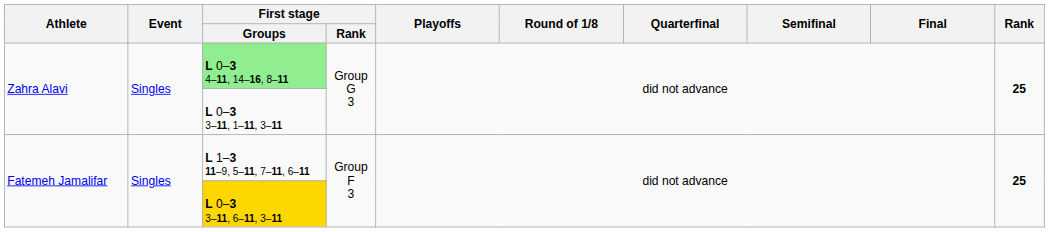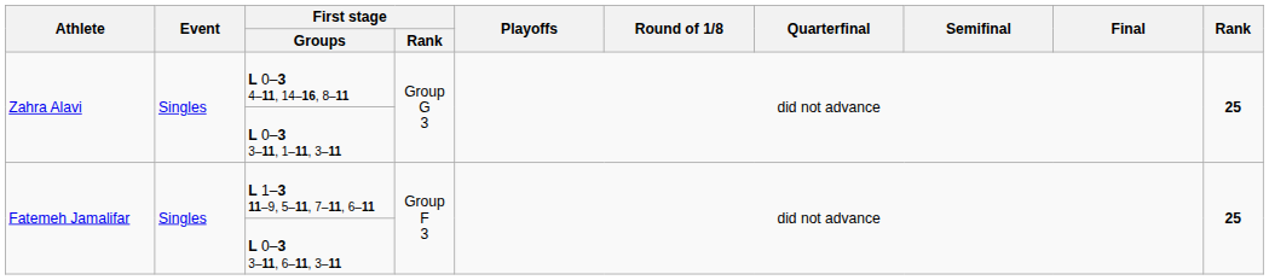 <table class="wikitable" width="98%" style="text-align:left; font-size:90%">
 <tr>
 <th rowspan="2" width="10%">Athlete</th>
 <th rowspan="2" width="6%">Event</th>
 <th colspan="2">First stage</th>
 <th rowspan="2" width="10%">Playoffs</th>
 <th rowspan="2" width="10%">Round of 1/8</th>
 <th rowspan="2" width="10%">Quarterfinal</th>
 <th rowspan="2" width="10%">Semifinal</th>
 <th rowspan="2" width="10%">Final</th>
 <th rowspan="2" width="4%">Rank</th>
 </tr>
 <tr>
 <th width="10%">Groups</th>
 <th width="4%">Rank</th>
 </tr>
 <tr>
 <td rowspan="2"><a href='#'>Zahra Alavi</a></td>
 <td rowspan="2"><a href='#'>Singles</a></td>
-<td style="background: lightgreen;"><br><strong>L</strong> 0–<strong>3</strong><br><small>4–<strong>11</strong>, 14–<strong>16</strong>, 8–<strong>11</strong></small></td>
+<td><br><strong>L</strong> 0–<strong>3</strong><br><small>4–<strong>11</strong>, 14–<strong>16</strong>, 8–<strong>11</strong></small></td>
 <td rowspan="2" align=center>Group G<br>3</td>
 <td rowspan="2" colspan="5" align="center">did not advance</td>
 <td rowspan="2" align="center"><strong>25</strong></td>
 </tr>
 <tr>
 <td><br><strong>L</strong> 0–<strong>3</strong><br><small>3–<strong>11</strong>, 1–<strong>11</strong>, 3–<strong>11</strong></small></td>
 </tr>
 <tr>
 <td rowspan="2"><a href='#'>Fatemeh Jamalifar</a></td>
 <td rowspan="2"><a href='#'>Singles</a></td>
 <td><br><strong>L</strong> 1–<strong>3</strong><br><small><strong>11</strong>–9, 5–<strong>11</strong>, 7–<strong>11</strong>, 6–<strong>11</strong></small></td>
 <td rowspan="2" align=center>Group F<br>3</td>
 <td rowspan="2" colspan="5" align="center">did not advance</td>
 <td rowspan="2" align="center"><strong>25</strong></td>
 </tr>
 <tr>
-<td style="background: gold;"><br><strong>L</strong> 0–<strong>3</strong><br><small>3–<strong>11</strong>, 6–<strong>11</strong>, 3–<strong>11</strong></small></td>
+<td><br><strong>L</strong> 0–<strong>3</strong><br><small>3–<strong>11</strong>, 6–<strong>11</strong>, 3–<strong>11</strong></small></td>
 </tr>
 </table>
